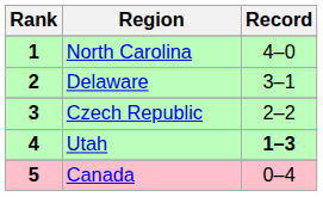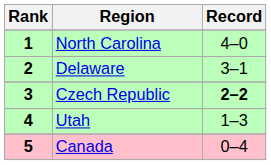 <table class="wikitable">
 <tr>
 <th>Rank</th>
 <th>Region</th>
 <th>Record</th>
 </tr>
 <tr>
 </tr>
 <tr bgcolor="bbffbb">
 <td align=center><strong>1</strong></td>
 <td align="left" width="120"> <a href='#'>North Carolina</a></td>
 <td align=center>4–0</td>
 </tr>
 <tr>
 </tr>
 <tr bgcolor="bbffbb">
 <td align=center><strong>2</strong></td>
 <td align="left" width="120"> <a href='#'>Delaware</a></td>
 <td align=center>3–1</td>
 </tr>
 <tr>
 </tr>
 <tr bgcolor="bbffbb">
 <td align=center><strong>3</strong></td>
 <td align="left" width="140"> <a href='#'>Czech Republic</a></td>
-<td align=center>2–2</td>
+<td align=center><strong>2–2</strong></td>
 </tr>
 <tr>
 </tr>
 <tr bgcolor="bbffbb">
 <td align=center><strong>4</strong></td>
 <td align="left" width="120"> <a href='#'>Utah</a></td>
-<td align=center><strong>1–3</strong></td>
+<td align=center>1–3</td>
 </tr>
 <tr>
 </tr>
 <tr bgcolor="ffc0cb">
 <td align=center><strong>5</strong></td>
 <td align="left" width="120"> <a href='#'>Canada</a></td>
 <td align=center>0–4</td>
 </tr>
 </table>
